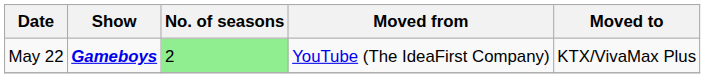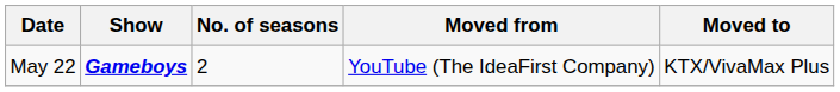 <table class="wikitable" style="text-align:left; line-height:25px; width:auto;">
 <tr>
 <th>Date</th>
 <th>Show</th>
 <th>No. of seasons</th>
 <th>Moved from</th>
 <th>Moved to</th>
 </tr>
 <tr>
 <td>May 22</td>
 <td><strong><em><a href='#'>Gameboys</a></em></strong></td>
-<td style="background: lightgreen;">2</td>
+<td>2</td>
 <td><a href='#'>YouTube</a> (The IdeaFirst Company)</td>
 <td>KTX/VivaMax Plus</td>
 </tr>
 <tr>
 </tr>
 </table>
